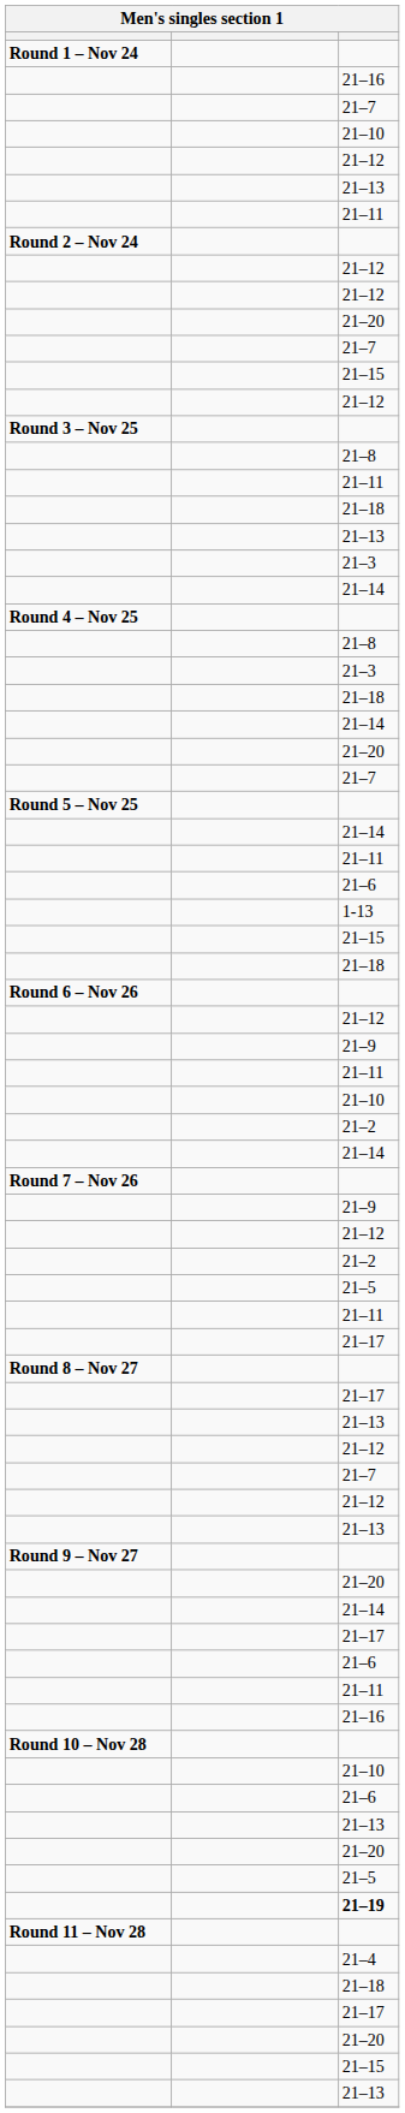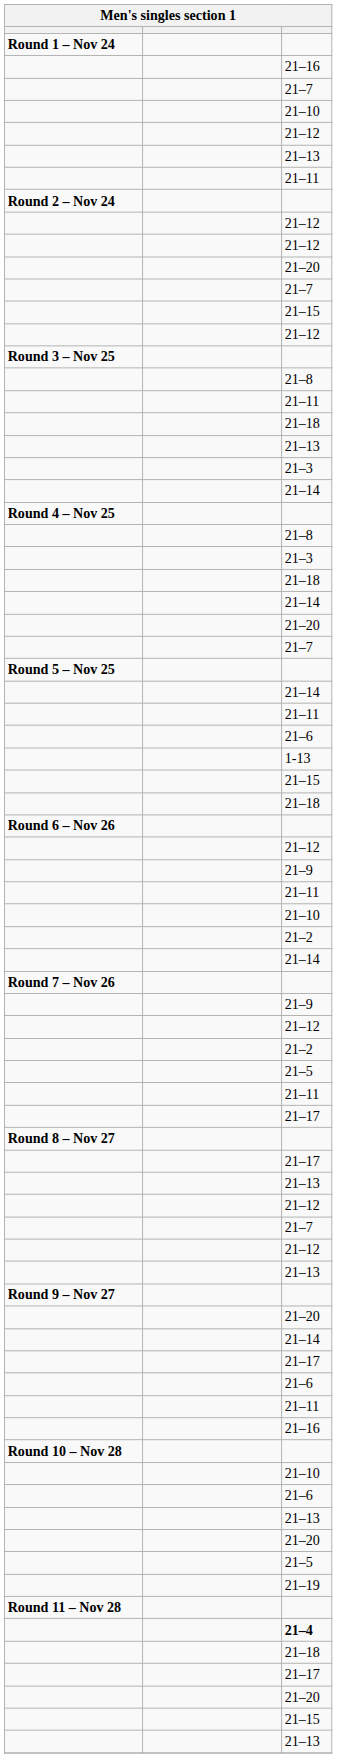 <table class="wikitable">
 <tr>
 <th colspan="3">Men's singles section 1</th>
 </tr>
 <tr>
 <th width=150></th>
 <th width=150></th>
 <th width=50></th>
 </tr>
 <tr>
 <td><strong>Round 1 – Nov 24</strong></td>
 <td></td>
 <td></td>
 </tr>
 <tr>
 <td></td>
 <td></td>
 <td>21–16</td>
 </tr>
 <tr>
 <td></td>
 <td></td>
 <td>21–7</td>
 </tr>
 <tr>
 <td></td>
 <td></td>
 <td>21–10</td>
 </tr>
 <tr>
 <td></td>
 <td></td>
 <td>21–12</td>
 </tr>
 <tr>
 <td></td>
 <td></td>
 <td>21–13</td>
 </tr>
 <tr>
 <td></td>
 <td></td>
 <td>21–11</td>
 </tr>
 <tr>
 <td><strong>Round 2 – Nov 24</strong></td>
 <td></td>
 <td></td>
 </tr>
 <tr>
 <td></td>
 <td></td>
 <td>21–12</td>
 </tr>
 <tr>
 <td></td>
 <td></td>
 <td>21–12</td>
 </tr>
 <tr>
 <td></td>
 <td></td>
 <td>21–20</td>
 </tr>
 <tr>
 <td></td>
 <td></td>
 <td>21–7</td>
 </tr>
 <tr>
 <td></td>
 <td></td>
 <td>21–15</td>
 </tr>
 <tr>
 <td></td>
 <td></td>
 <td>21–12</td>
 </tr>
 <tr>
 <td><strong>Round 3 – Nov 25</strong></td>
 <td></td>
 <td></td>
 </tr>
 <tr>
 <td></td>
 <td></td>
 <td>21–8</td>
 </tr>
 <tr>
 <td></td>
 <td></td>
 <td>21–11</td>
 </tr>
 <tr>
 <td></td>
 <td></td>
 <td>21–18</td>
 </tr>
 <tr>
 <td></td>
 <td></td>
 <td>21–13</td>
 </tr>
 <tr>
 <td></td>
 <td></td>
 <td>21–3</td>
 </tr>
 <tr>
 <td></td>
 <td></td>
 <td>21–14</td>
 </tr>
 <tr>
 <td><strong>Round 4 – Nov 25</strong></td>
 <td></td>
 <td></td>
 </tr>
 <tr>
 <td></td>
 <td></td>
 <td>21–8</td>
 </tr>
 <tr>
 <td></td>
 <td></td>
 <td>21–3</td>
 </tr>
 <tr>
 <td></td>
 <td></td>
 <td>21–18</td>
 </tr>
 <tr>
 <td></td>
 <td></td>
 <td>21–14</td>
 </tr>
 <tr>
 <td></td>
 <td></td>
 <td>21–20</td>
 </tr>
 <tr>
 <td></td>
 <td></td>
 <td>21–7</td>
 </tr>
 <tr>
 <td><strong>Round 5 – Nov 25</strong></td>
 <td></td>
 <td></td>
 </tr>
 <tr>
 <td></td>
 <td></td>
 <td>21–14</td>
 </tr>
 <tr>
 <td></td>
 <td></td>
 <td>21–11</td>
 </tr>
 <tr>
 <td></td>
 <td></td>
 <td>21–6</td>
 </tr>
 <tr>
 <td></td>
 <td></td>
 <td>1-13</td>
 </tr>
 <tr>
 <td></td>
 <td></td>
 <td>21–15</td>
 </tr>
 <tr>
 <td></td>
 <td></td>
 <td>21–18</td>
 </tr>
 <tr>
 <td><strong>Round 6  – Nov 26 </strong></td>
 <td></td>
 <td></td>
 </tr>
 <tr>
 <td></td>
 <td></td>
 <td>21–12</td>
 </tr>
 <tr>
 <td></td>
 <td></td>
 <td>21–9</td>
 </tr>
 <tr>
 <td></td>
 <td></td>
 <td>21–11</td>
 </tr>
 <tr>
 <td></td>
 <td></td>
 <td>21–10</td>
 </tr>
 <tr>
 <td></td>
 <td></td>
 <td>21–2</td>
 </tr>
 <tr>
 <td></td>
 <td></td>
 <td>21–14</td>
 </tr>
 <tr>
 <td><strong>Round 7 – Nov 26 </strong></td>
 <td></td>
 <td></td>
 </tr>
 <tr>
 <td></td>
 <td></td>
 <td>21–9</td>
 </tr>
 <tr>
 <td></td>
 <td></td>
 <td>21–12</td>
 </tr>
 <tr>
 <td></td>
 <td></td>
 <td>21–2</td>
 </tr>
 <tr>
 <td></td>
 <td></td>
 <td>21–5</td>
 </tr>
 <tr>
 <td></td>
 <td></td>
 <td>21–11</td>
 </tr>
 <tr>
 <td></td>
 <td></td>
 <td>21–17</td>
 </tr>
 <tr>
 <td><strong>Round 8 – Nov 27</strong></td>
 <td></td>
 <td></td>
 </tr>
 <tr>
 <td></td>
 <td></td>
 <td>21–17</td>
 </tr>
 <tr>
 <td></td>
 <td></td>
 <td>21–13</td>
 </tr>
 <tr>
 <td></td>
 <td></td>
 <td>21–12</td>
 </tr>
 <tr>
 <td></td>
 <td></td>
 <td>21–7</td>
 </tr>
 <tr>
 <td></td>
 <td></td>
 <td>21–12</td>
 </tr>
 <tr>
 <td></td>
 <td></td>
 <td>21–13</td>
 </tr>
 <tr>
 <td><strong>Round 9 – Nov 27</strong></td>
 <td></td>
 <td></td>
 </tr>
 <tr>
 <td></td>
 <td></td>
 <td>21–20</td>
 </tr>
 <tr>
 <td></td>
 <td></td>
 <td>21–14</td>
 </tr>
 <tr>
 <td></td>
 <td></td>
 <td>21–17</td>
 </tr>
 <tr>
 <td></td>
 <td></td>
 <td>21–6</td>
 </tr>
 <tr>
 <td></td>
 <td></td>
 <td>21–11</td>
 </tr>
 <tr>
 <td></td>
 <td></td>
 <td>21–16</td>
 </tr>
 <tr>
 <td><strong>Round 10 – Nov 28</strong></td>
 <td></td>
 <td></td>
 </tr>
 <tr>
 <td></td>
 <td></td>
 <td>21–10</td>
 </tr>
 <tr>
 <td></td>
 <td></td>
 <td>21–6</td>
 </tr>
 <tr>
 <td></td>
 <td></td>
 <td>21–13</td>
 </tr>
 <tr>
 <td></td>
 <td></td>
 <td>21–20</td>
 </tr>
 <tr>
 <td></td>
 <td></td>
 <td>21–5</td>
 </tr>
 <tr>
 <td></td>
 <td></td>
-<td><strong>21–19</strong></td>
+<td>21–19</td>
 </tr>
 <tr>
 <td><strong>Round 11 – Nov 28</strong></td>
 <td></td>
 <td></td>
 </tr>
 <tr>
 <td></td>
 <td></td>
-<td>21–4</td>
+<td><strong>21–4</strong></td>
 </tr>
 <tr>
 <td></td>
 <td></td>
 <td>21–18</td>
 </tr>
 <tr>
 <td></td>
 <td></td>
 <td>21–17</td>
 </tr>
 <tr>
 <td></td>
 <td></td>
 <td>21–20</td>
 </tr>
 <tr>
 <td></td>
 <td></td>
 <td>21–15</td>
 </tr>
 <tr>
 <td></td>
 <td></td>
 <td>21–13</td>
 </tr>
 <tr>
 </tr>
 </table>
